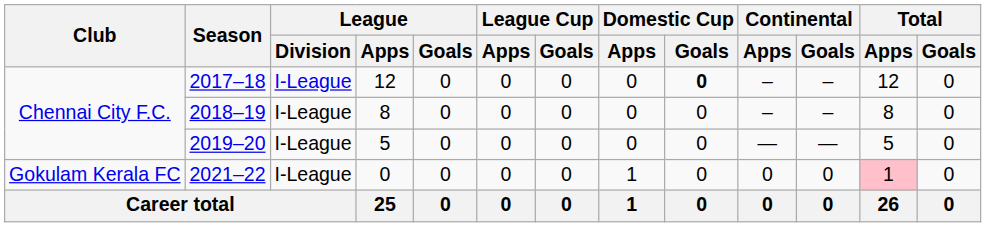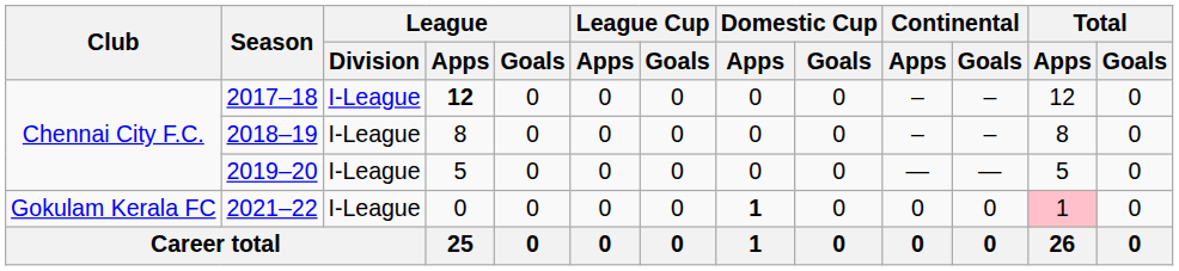 <table class="wikitable" style="text-align: center;">
 <tr>
 <th rowspan="2">Club</th>
 <th rowspan="2">Season</th>
 <th colspan="3">League</th>
 <th colspan="2">League Cup</th>
 <th colspan="2">Domestic Cup</th>
 <th colspan="2">Continental</th>
 <th colspan="2">Total</th>
 </tr>
 <tr>
 <th>Division</th>
 <th>Apps</th>
 <th>Goals</th>
 <th>Apps</th>
 <th>Goals</th>
 <th>Apps</th>
 <th>Goals</th>
 <th>Apps</th>
 <th>Goals</th>
 <th>Apps</th>
 <th>Goals</th>
 </tr>
 <tr>
 <td rowspan="3"><a href='#'>Chennai City F.C.</a></td>
 <td><a href='#'>2017–18</a></td>
 <td><a href='#'>I-League</a></td>
-<td>12</td>
+<td><strong>12</strong></td>
 <td>0</td>
 <td>0</td>
 <td>0</td>
 <td>0</td>
-<td><strong>0</strong></td>
+<td>0</td>
 <td>–</td>
 <td>–</td>
 <td>12</td>
 <td>0</td>
 </tr>
 <tr>
 <td><a href='#'>2018–19</a></td>
 <td>I-League</td>
 <td>8</td>
 <td>0</td>
 <td>0</td>
 <td>0</td>
 <td>0</td>
 <td>0</td>
 <td>–</td>
 <td>–</td>
 <td>8</td>
 <td>0</td>
 </tr>
 <tr>
 <td><a href='#'>2019–20</a></td>
 <td>I-League</td>
 <td>5</td>
 <td>0</td>
 <td>0</td>
 <td>0</td>
 <td>0</td>
 <td>0</td>
 <td>—</td>
 <td>—</td>
 <td>5</td>
 <td>0</td>
 </tr>
 <tr>
 <td><a href='#'>Gokulam Kerala FC</a></td>
 <td><a href='#'>2021–22</a></td>
 <td>I-League</td>
 <td>0</td>
 <td>0</td>
 <td>0</td>
 <td>0</td>
-<td>1</td>
+<td><strong>1</strong></td>
 <td>0</td>
 <td>0</td>
 <td>0</td>
 <td style="background: pink;">1</td>
 <td>0</td>
 </tr>
 <tr>
 <th colspan="3">Career total</th>
 <th>25</th>
 <th>0</th>
 <th>0</th>
 <th>0</th>
 <th>1</th>
 <th>0</th>
 <th>0</th>
 <th>0</th>
 <th>26</th>
 <th>0</th>
 </tr>
 </table>
